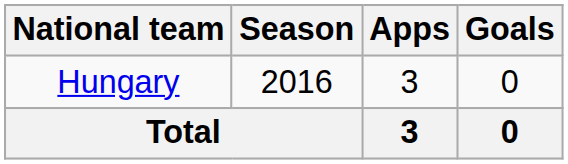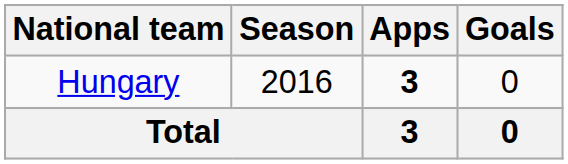 <table class="wikitable" style="text-align:center">
 <tr>
 <th>National team</th>
 <th>Season</th>
 <th>Apps</th>
 <th>Goals</th>
 </tr>
 <tr>
 <td rowspan="1"><a href='#'>Hungary</a></td>
 <td>2016</td>
-<td>3</td>
+<td><strong>3</strong></td>
 <td>0</td>
 </tr>
 <tr>
 <th colspan="2">Total</th>
 <th>3</th>
 <th>0</th>
 </tr>
 </table>
